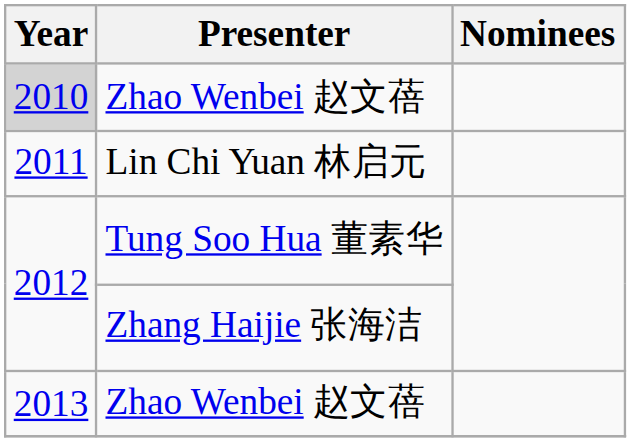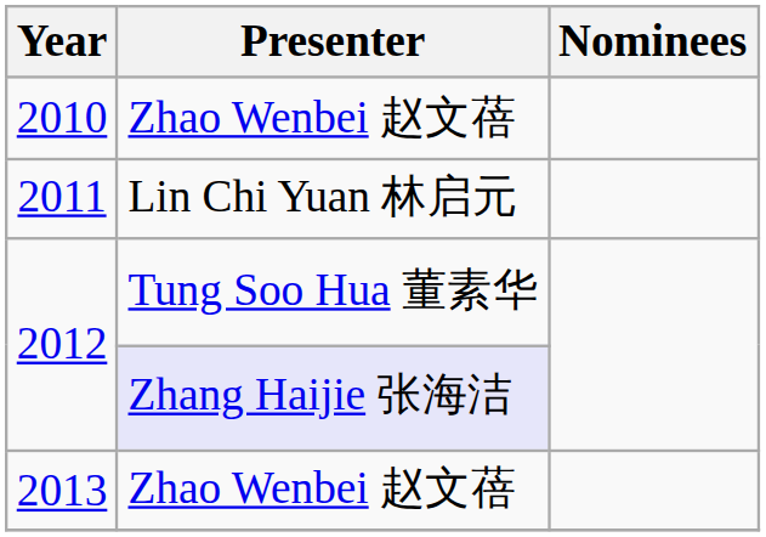 <table class="wikitable sortable">
 <tr>
 <th>Year</th>
 <th>Presenter</th>
 <th>Nominees</th>
 </tr>
 <tr>
-<td style="background: lightgrey; text-align:center;"><a href='#'>2010</a></td>
+<td style="text-align:center;"><a href='#'>2010</a></td>
 <td><a href='#'>Zhao Wenbei</a> 赵文蓓</td>
 <td></td>
 </tr>
 <tr>
 <td style="text-align:center;"><a href='#'>2011</a></td>
 <td>Lin Chi Yuan 林启元</td>
 <td></td>
 </tr>
 <tr>
 <td rowspan=2 style="text-align:center;"><a href='#'>2012</a></td>
 <td style="height: 30px;"><a href='#'>Tung Soo Hua</a> 董素华</td>
 <td rowspan=2></td>
 </tr>
 <tr>
-<td style="height: 30px;"><a href='#'>Zhang Haijie</a> 张海洁</td>
+<td style="background: lavender; height: 30px;"><a href='#'>Zhang Haijie</a> 张海洁</td>
 </tr>
 <tr>
 <td style="text-align:center;"><a href='#'>2013</a></td>
 <td><a href='#'>Zhao Wenbei</a> 赵文蓓</td>
 <td></td>
 </tr>
 <tr>
 </tr>
 </table>
